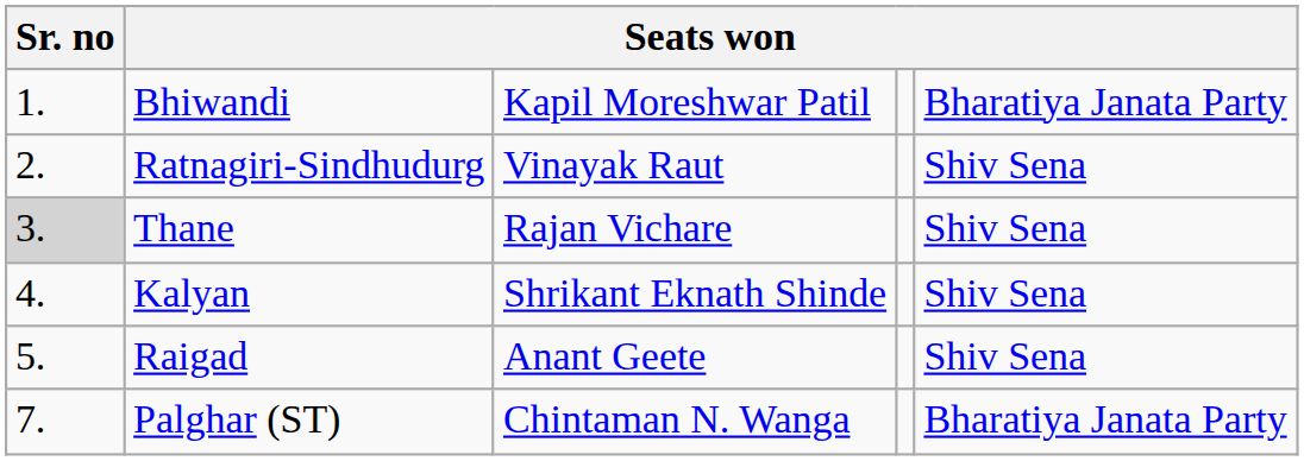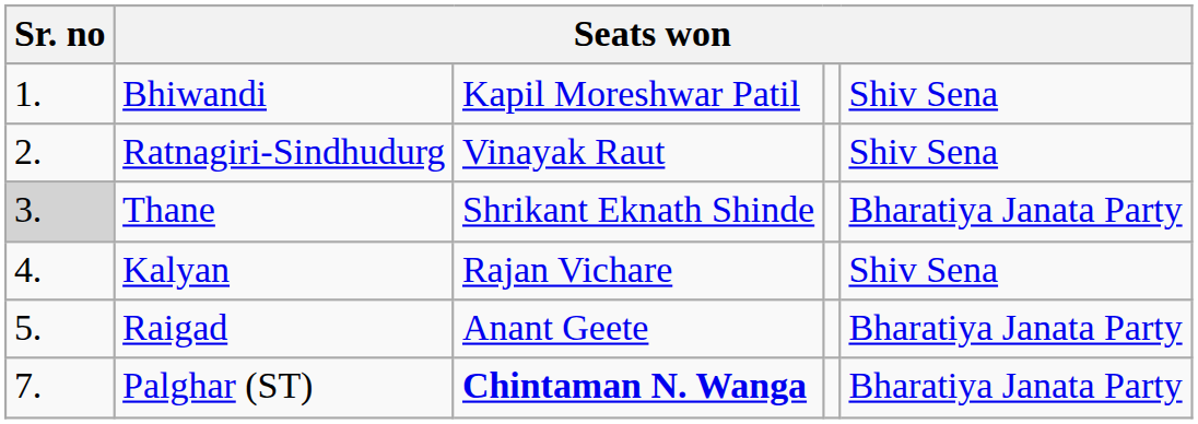 <table class="wikitable">
 <tr>
 <th>Sr. no</th>
 <th colspan="4">Seats won</th>
 </tr>
 <tr>
 <td>1.</td>
 <td><a href='#'>Bhiwandi</a></td>
 <td><a href='#'>Kapil Moreshwar Patil</a></td>
 <td style="background-color:"></td>
-<td><a href='#'>Bharatiya Janata Party</a></td>
+<td><a href='#'>Shiv Sena</a></td>
 </tr>
 <tr>
 <td>2.</td>
 <td><a href='#'>Ratnagiri-Sindhudurg</a></td>
 <td><a href='#'>Vinayak Raut</a></td>
 <td style="background-color: "></td>
 <td><a href='#'>Shiv Sena</a></td>
 </tr>
 <tr>
 <td style="background: lightgrey;">3.</td>
 <td><a href='#'>Thane</a></td>
-<td><a href='#'>Rajan Vichare</a></td>
+<td><a href='#'>Shrikant Eknath Shinde</a></td>
 <td style="background-color: "></td>
-<td><a href='#'>Shiv Sena</a></td>
+<td><a href='#'>Bharatiya Janata Party</a></td>
 </tr>
 <tr>
 <td>4.</td>
 <td><a href='#'>Kalyan</a></td>
-<td><a href='#'>Shrikant Eknath Shinde</a></td>
+<td><a href='#'>Rajan Vichare</a></td>
 <td style="background-color: "></td>
 <td><a href='#'>Shiv Sena</a></td>
 </tr>
 <tr>
 <td>5.</td>
 <td><a href='#'>Raigad</a></td>
 <td><a href='#'>Anant Geete</a></td>
 <td style="background-color: "></td>
-<td><a href='#'>Shiv Sena</a></td>
+<td><a href='#'>Bharatiya Janata Party</a></td>
 </tr>
 <tr>
 <td>7.</td>
 <td><a href='#'>Palghar</a> (ST)</td>
-<td><a href='#'>Chintaman N. Wanga</a></td>
+<td><strong><a href='#'>Chintaman N. Wanga</a></strong></td>
 <td style="background-color:"></td>
 <td><a href='#'>Bharatiya Janata Party</a></td>
 </tr>
 </table>
